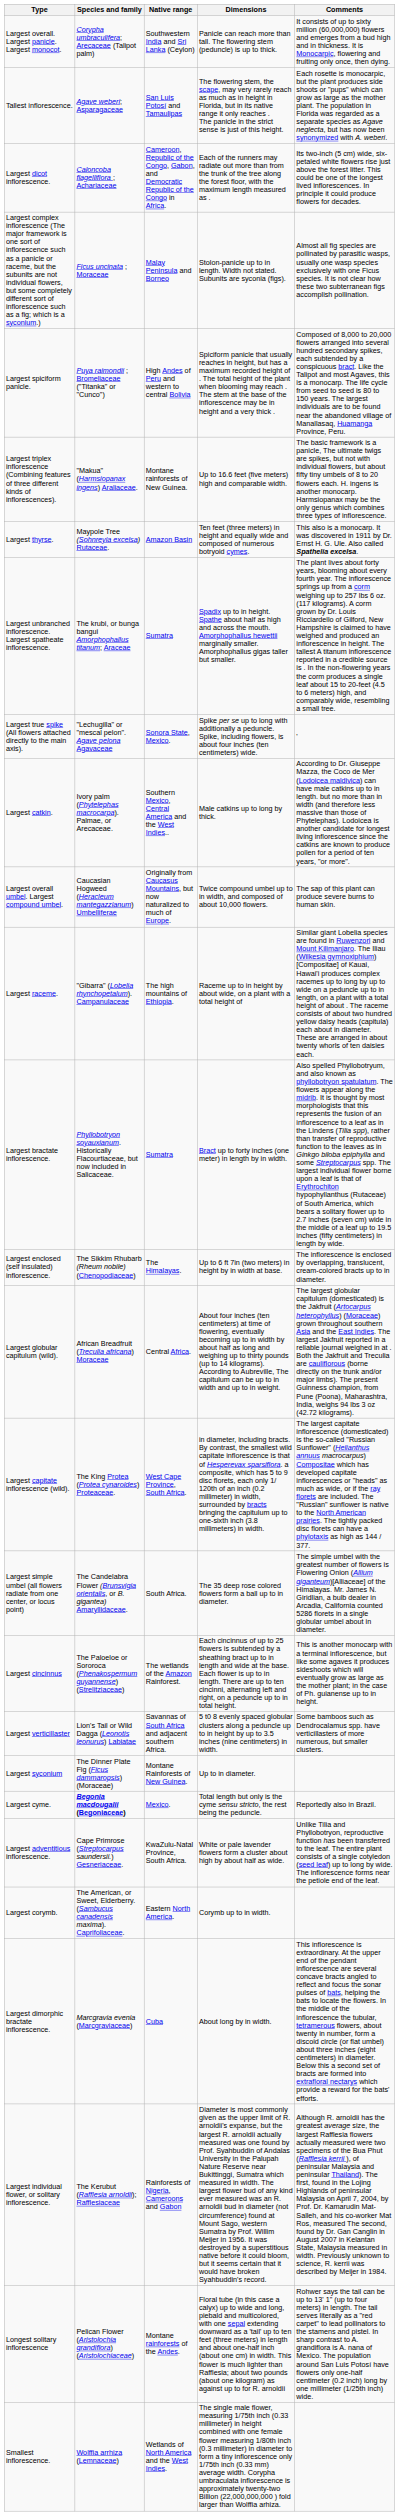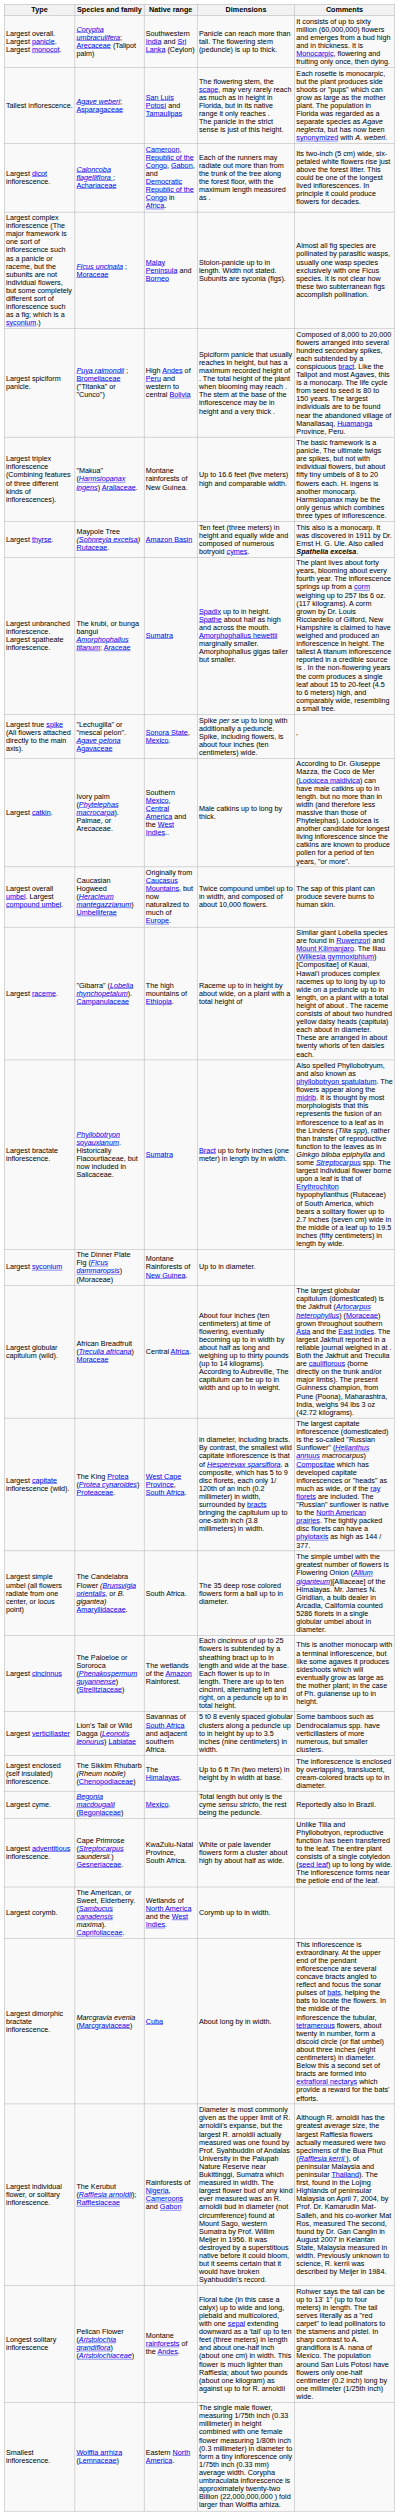 <table class= "sortable wikitable">
 <tr style= "background: ececec;">
 <th>Type</th>
 <th>Species and family</th>
 <th>Native range</th>
 <th>Dimensions</th>
 <th>Comments</th>
 </tr>
 <tr>
 <td>Largest overall. Largest <a href='#'>panicle</a>. Largest <a href='#'>monocot</a>.</td>
 <td><em><a href='#'>Corypha umbraculifera</a></em>; <a href='#'>Arecaceae</a> (Talipot palm)</td>
 <td>Southwestern <a href='#'>India</a> and <a href='#'>Sri Lanka</a> (Ceylon)</td>
 <td>Panicle can reach more than  tall. The flowering stem (peduncle) is up to  thick.</td>
 <td>It consists of up to sixty million (60,000,000) flowers and emerges from a bud  high and  in thickness. It is <a href='#'>Monocarpic</a>, flowering and fruiting only once, then dying.</td>
 </tr>
 <tr>
 <td>Tallest inflorescence.</td>
 <td><em><a href='#'>Agave weberi</a></em>; <a href='#'>Asparagaceae</a></td>
 <td><a href='#'>San Luis Potosí</a> and <a href='#'>Tamaulipas</a></td>
 <td>The flowering stem, the <a href='#'>scape</a>, may very rarely reach as much as  in height in Florida, but in its native range it only reaches .<br>The panicle in the strict sense is just  of this height.</td>
 <td>Each rosette is monocarpic, but the plant produces side shoots or "pups" which can grow as large as the mother plant. The population in Florida was regarded as a separate species as <em>Agave neglecta</em>, but has now been <a href='#'>synonymized</a> with <em>A. weberi</em>.</td>
 </tr>
 <tr>
 <td>Largest <a href='#'>dicot</a> inflorescence.</td>
 <td><em><a href='#'>Caloncoba flagelliflora </a></em>; <a href='#'>Achariaceae</a></td>
 <td><a href='#'>Cameroon</a>, <a href='#'>Republic of the Congo</a>, <a href='#'>Gabon</a>, and <a href='#'>Democratic Republic of the Congo</a> in <a href='#'>Africa</a>.</td>
 <td>Each of the runners may radiate out more than  from the trunk of the tree along the forest floor, with the maximum length measured as .</td>
 <td>Its two-inch (5 cm) wide, six-petaled white flowers rise just above the forest litter. This could be one of the longest lived inflorescences. In principle it could produce flowers for decades.</td>
 </tr>
 <tr>
 <td>Largest complex inflorescence (The major framework is one sort of inflorescence such as a panicle or raceme, but the subunits are not individual flowers, but some completely different sort of inflorescence such as a fig; which is a <a href='#'>syconium</a>.)</td>
 <td><em><a href='#'>Ficus uncinata</a></em> ; <a href='#'>Moraceae</a></td>
 <td><a href='#'>Malay Peninsula</a> and <a href='#'>Borneo</a></td>
 <td>Stolon-panicle up to  in length. Width not stated. Subunits are syconia (figs).</td>
 <td>Almost all fig species are pollinated by parasitic wasps, usually one wasp species exclusively with one Ficus species. It is not clear how these two subterranean figs accomplish pollination.</td>
 </tr>
 <tr>
 <td>Largest spiciform panicle.</td>
 <td><em><a href='#'>Puya raimondii</a></em> ; <a href='#'>Bromeliaceae</a> ("Titanka" or "Cunco")</td>
 <td>High <a href='#'>Andes</a> of <a href='#'>Peru</a> and western to central <a href='#'>Bolivia</a></td>
 <td>Spiciform panicle that usually reaches  in height, but has a maximum recorded height of . The total height of the plant when blooming may reach . The stem at the base of the inflorescence may be  in height and a very thick .</td>
 <td>Composed of 8,000 to 20,000 flowers arranged into several hundred secondary spikes, each subtended by a conspicuous <a href='#'>bract</a>. Like the Talipot and most Agaves, this is a monocarp. The life cycle from seed to seed is 80 to 150 years. The largest individuals are to be found near the abandoned village of Manallasaq, <a href='#'>Huamanga</a> Province, Peru.</td>
 </tr>
 <tr>
 <td>Largest triplex inflorescence (Combining features of three different kinds of inflorescences).</td>
 <td>"Makua" (<em><a href='#'>Harmsiopanax ingens</a></em>) <a href='#'>Araliaceae</a>.</td>
 <td>Montane rainforests of New Guinea.</td>
 <td>Up to 16.6 feet (five meters) high and comparable width.</td>
 <td>The basic framework is a panicle, The ultimate twigs are spikes, but not with individual flowers, but about fifty tiny umbels of 8 to 20 flowers each. H. ingens is another monocarp. Harmsiopanax may be the only genus which combines three types of inflorescence.</td>
 </tr>
 <tr>
 <td>Largest <a href='#'>thyrse</a>.</td>
 <td>Maypole Tree <em>(<a href='#'>Sohnreyia excelsa</a>)</em> <a href='#'>Rutaceae</a>.</td>
 <td><a href='#'>Amazon Basin</a></td>
 <td>Ten feet (three meters) in height and equally wide and composed of numerous botryoid <a href='#'>cymes</a>.</td>
 <td>This also is a monocarp. It was discovered in 1911 by Dr. Ernst H. G. Ule. Also called <strong><em>Spathelia excelsa</em></strong>.</td>
 </tr>
 <tr>
 <td>Largest unbranched inflorescence. Largest spatheate inflorescence.</td>
 <td>The krubi, or bunga bangui <em><a href='#'>Amorphophallus titanum</a></em>; <a href='#'>Araceae</a></td>
 <td><a href='#'>Sumatra</a></td>
 <td><a href='#'>Spadix</a> up to  in height. <a href='#'>Spathe</a> about half as high and  across the mouth. <a href='#'>Amorphophallus hewettii</a> marginally smaller. Amorphophallus gigas taller but smaller.</td>
 <td>The plant lives about forty years, blooming about every fourth year. The inflorescence springs up from a <a href='#'>corm</a> weighing up to 257 lbs 6 oz. (117 kilograms). A corm grown by Dr. Louis Ricciardello of Gilford, New Hampshire is claimed to have weighed  and produced an inflorescence  in height. The tallest A titanum inflorescence reported in a credible source is . In the non-flowering years the corm produces a single leaf about 15 to 20-feet (4.5 to 6 meters) high, and comparably wide, resembling a small tree.</td>
 </tr>
 <tr>
 <td>Largest true <a href='#'>spike</a> (All flowers attached directly to the main axis).</td>
 <td>"Lechugilla" or "mescal pelon". <em><a href='#'>Agave pelona</a></em> <a href='#'>Agavaceae</a></td>
 <td><a href='#'>Sonora State</a>, <a href='#'>Mexico</a>.</td>
 <td>Spike <em>per se</em> up to  long with additionally a  peduncle. Spike, including flowers, is about four inches (ten centimeters) wide.</td>
 <td>'</td>
 </tr>
 <tr>
 <td>Largest <a href='#'>catkin</a>.</td>
 <td>Ivory palm (<em><a href='#'>Phytelephas macrocarpa</a></em>). Palmae, or Arecaceae.</td>
 <td>Southern <a href='#'>Mexico</a>, <a href='#'>Central America</a> and the <a href='#'>West Indies</a>..</td>
 <td>Male catkins up to  long by  thick.</td>
 <td>According to Dr. Giuseppe Mazza, the Coco de Mer (<a href='#'>Lodoicea maldivica</a>) can have male catkins up to  in length. but no more than  in width (and therefore less massive than those of Phytelephas). Lodoicea is another candidate for longest living inflorescence since the catkins are known to produce pollen for a period of ten years, "or more".</td>
 </tr>
 <tr>
 <td>Largest overall <a href='#'>umbel</a>. Largest <a href='#'>compound umbel</a>.</td>
 <td>Caucasian Hogweed (<em><a href='#'>Heracleum mantegazzianum</a></em>) <a href='#'>Umbelliferae</a></td>
 <td>Originally from <a href='#'>Caucasus Mountains</a>, but now naturalized to much of <a href='#'>Europe</a>.</td>
 <td>Twice compound umbel up to  in width, and composed of about 10,000 flowers.</td>
 <td>The sap of this plant can produce severe burns to human skin.</td>
 </tr>
 <tr>
 <td>Largest <a href='#'>raceme</a>.</td>
 <td>"Gibarra" (<em><a href='#'>Lobelia rhynchopetalum</a></em>). <a href='#'>Campanulaceae</a></td>
 <td>The high mountains of <a href='#'>Ethiopia</a>.</td>
 <td>Raceme up to  in height by about  wide, on a plant with a total height of </td>
 <td>Similar giant Lobelia species are found in <a href='#'>Ruwenzori</a> and <a href='#'>Mount Kilimanjaro</a>. The Iliau (<a href='#'>Wilkesia gymnoxiphium</a>) [Compositae] of Kauai, Hawai'i produces complex racemes up to  long by up to  wide on a peduncle up to  in length, on a plant with a total height of about . The raceme consists of about two hundred yellow daisy heads (capitula) each about  in diameter. These are arranged in about twenty whorls of ten daisies each.</td>
 </tr>
 <tr>
 <td>Largest bractate inflorescence.</td>
 <td><em><a href='#'>Phyllobotryon soyauxianum</a></em>. Historically Flacourtiaceae, but now included in Salicaceae.</td>
 <td><a href='#'>Sumatra</a></td>
 <td><a href='#'>Bract</a> up to forty inches (one meter) in length by  in width.</td>
 <td>Also spelled Phyllobotryum, and also known as <a href='#'>phyllobotryon spatulatum</a>. The flowers appear along the <a href='#'>midrib</a>. It is thought by most morphologists that this represents the fusion of an inflorescence to a leaf as in the Lindens (<em>Tilia spp</em>), rather than transfer of reproductive function to the leaves as in <em>Ginkgo biloba epiphylla</em> and some <em><a href='#'>Streptocarpus</a></em> spp. The largest individual flower borne upon a leaf is that of <a href='#'>Erythrochiton</a> hypophyllanthus (Rutaceae) of South America, which bears a solitary flower up to 2.7 inches (seven cm) wide in the middle of a leaf up to 19.5 inches (fifty centimeters) in length by  wide.</td>
 </tr>
 <tr>
-<td>Largest enclosed (self insulated) inflorescence.</td>
-<td>The Sikkim Rhubarb <em>(Rheum nobile)</em> (<a href='#'>Chenopodiaceae</a>)</td>
-<td>The <a href='#'>Himalayas</a>.</td>
-<td>Up to 6 ft 7in (two meters) in height by  in width at base.</td>
-<td>The inflorescence is enclosed by overlapping, translucent, cream-colored bracts up to  in diameter.</td>
+<td>Largest <a href='#'>syconium</a></td>
+<td>The Dinner Plate Fig (<em><a href='#'>Ficus dammaropsis</a></em>) (Moraceae)</td>
+<td>Montane Rainforests of <a href='#'>New Guinea</a>.</td>
+<td>Up to  in diameter.</td>
+<td></td>
 </tr>
 <tr>
 <td>Largest globular capitulum (wild).</td>
 <td>African Breadfruit (<em><a href='#'>Treculia africana</a></em>) <a href='#'>Moraceae</a></td>
 <td>Central <a href='#'>Africa</a>.</td>
 <td>About four inches (ten centimeters) at time of flowering, eventually becoming up to  in width by about half as long and weighing up to thirty pounds (up to 14 kilograms). According to Aubreville, The capitulum can be up to  in width and up to  in weight.</td>
 <td>The largest globular capitulum (domesticated) is the Jakfruit (<em><a href='#'>Artocarpus heterophyllus</a></em>) (<a href='#'>Moraceae</a>) grown throughout southern <a href='#'>Asia</a> and the <a href='#'>East Indies</a>. The largest Jakfruit reported in a reliable journal weighed in at . Both the Jakfruit and Treculia are <a href='#'>cauliflorous</a> (borne directly on the trunk and/or major limbs). The present Guinness champion, from Pune (Poona), Maharashtra, India, weighs 94 lbs 3 oz (42.72 kilograms).</td>
 </tr>
 <tr>
 <td>Largest <a href='#'>capitate</a> inflorescence (wild).</td>
 <td>The King <a href='#'>Protea</a> (<em><a href='#'>Protea cynaroides</a></em>) <a href='#'>Proteaceae</a>.</td>
 <td><a href='#'>West Cape Province</a>, <a href='#'>South Africa</a>.</td>
 <td> in diameter, including bracts. By contrast, the smallest wild capitate inflorescence is that of <em><a href='#'>Hesperevax sparsiflora</a></em>. a composite, which has 5 to 9 disc florets, each only 1/ 120th of an inch (0.2 millimeter) in width, surrounded by <a href='#'>bracts</a> bringing the capitulum up to one-sixth inch (3.8 millimeters) in width.</td>
 <td>The largest capitate inflorescence (domesticated) is the so-called "Russian Sunflower" (<em><a href='#'>Helianthus annuus</a> macrocarpus</em>) <a href='#'>Compositae</a> which has developed capitate inflorescences or "heads" as much as  wide, or  if the <a href='#'>ray florets</a> are included. The "Russian" sunflower is native to the <a href='#'>North American</a> <a href='#'>prairies</a>. The tightly packed disc florets can have a <a href='#'>phylotaxis</a> as high as 144 / 377.</td>
 </tr>
 <tr>
 <td>Largest simple umbel (all flowers radiate from one center, or locus point)</td>
 <td>The Candelabra Flower <em>(<a href='#'>Brunsvigia orientalis</a></em>, or <em>B. gigantea)</em> <a href='#'>Amaryllidaceae</a>.</td>
 <td>South Africa.</td>
 <td>The 35 deep rose colored flowers form a ball up to  in diameter.</td>
 <td>The simple umbel with the greatest number of flowers is Flowering Onion (<em><a href='#'>Allium giganteum</a></em>)[Alliaceae] of the Himalayas. Mr. James N. Giridlian, a bulb dealer in Arcadia, California counted 5286 florets in a single globular umbel about  in diameter.</td>
 </tr>
 <tr>
 <td>Largest <a href='#'>cincinnus</a></td>
 <td>The Paloeloe or Sororoca (<em><a href='#'>Phenakospermum guyannense</a></em>) (<a href='#'>Strelitziaceae</a>)</td>
 <td>The wetlands of the <a href='#'>Amazon</a> Rainforest.</td>
 <td>Each cincinnus of up to 25 flowers is subtended by a sheathing bract up to  in length and  wide at the base. Each flower is up to  in length. There are up to ten cincinni, alternating left and right, on a peduncle up to  in total height.</td>
 <td>This is another monocarp with a terminal inflorescence, but like some agaves it produces sideshoots which will eventually grow as large as the mother plant; in the case of Ph. guianense up to  in height.</td>
 </tr>
 <tr>
 <td>Largest <a href='#'>verticillaster</a></td>
 <td>Lion's Tail or Wild Dagga (<em><a href='#'>Leonotis leonurus</a></em>) <a href='#'>Labiatae</a></td>
 <td>Savannas of <a href='#'>South Africa</a> and adjacent southern Africa.</td>
 <td>5 t0 8 evenly spaced globular clusters along a peduncle up to  in height by up to 3.5 inches (nine centimeters) in width.</td>
 <td>Some bamboos such as Dendrocalamus spp. have verticillasters of more numerous, but smaller clusters.</td>
 </tr>
 <tr>
-<td>Largest <a href='#'>syconium</a></td>
-<td>The Dinner Plate Fig (<em><a href='#'>Ficus dammaropsis</a></em>) (Moraceae)</td>
-<td>Montane Rainforests of <a href='#'>New Guinea</a>.</td>
-<td>Up to  in diameter.</td>
-<td></td>
+<td>Largest enclosed (self insulated) inflorescence.</td>
+<td>The Sikkim Rhubarb <em>(Rheum nobile)</em> (<a href='#'>Chenopodiaceae</a>)</td>
+<td>The <a href='#'>Himalayas</a>.</td>
+<td>Up to 6 ft 7in (two meters) in height by  in width at base.</td>
+<td>The inflorescence is enclosed by overlapping, translucent, cream-colored bracts up to  in diameter.</td>
 </tr>
 <tr>
 <td>Largest cyme.</td>
-<td><strong><em><a href='#'>Begonia macdougalii</a></em> (<a href='#'>Begoniaceae</a>)</strong></td>
+<td><em><a href='#'>Begonia macdougalii</a></em> (<a href='#'>Begoniaceae</a>)</td>
 <td><a href='#'>Mexico</a>.</td>
 <td>Total length  but only  is the cyme <em>sensu stricto</em>, the rest being the peduncle.</td>
 <td>Reportedly also in Brazil.</td>
 </tr>
 <tr>
 <td>Largest <a href='#'>adventitious</a> inflorescence.</td>
 <td>Cape Primrose (<em><a href='#'>Streptocarpus</a> saundersii.</em>) <a href='#'>Gesneriaceae</a>.</td>
 <td>KwaZulu-Natal Province, South Africa.</td>
 <td>White or pale lavender flowers form a cluster about  high by about half as wide.</td>
 <td>Unlike Tilia and Phyllobotryon, reproductive function <em>has</em> been transferred to the leaf. The entire plant consists of a single cotyledon (<a href='#'>seed leaf</a>) up to  long by  wide. The inflorescence forms near the petiole end of the leaf.</td>
 </tr>
 <tr>
 <td>Largest corymb.</td>
 <td>The American, or Sweet, Elderberry. (<em><a href='#'>Sambucus canadensis</a> maxima</em>). <a href='#'>Caprifoliaceae</a>.</td>
-<td>Eastern <a href='#'>North America</a>.</td>
+<td>Wetlands of <a href='#'>North America</a> and the <a href='#'>West Indies</a>.</td>
 <td>Corymb up to  in width.</td>
 </tr>
 <tr>
 <td>Largest dimorphic bractate inflorescence.</td>
 <td><em>Marcgravia evenia</em> (<a href='#'>Marcgraviaceae</a>)</td>
 <td><a href='#'>Cuba</a></td>
 <td>About  long by  in width.</td>
 <td>This inflorescence is extraordinary. At the upper end of the pendant inflorescence are several concave bracts angled to reflect and focus the sonar pulses of <a href='#'>bats</a>, helping the bats to locate the flowers. In the middle of the inflorescence the tubular, <a href='#'>tetramerous</a> flowers, about twenty in number, form a discoid circle (or flat umbel) about three inches (eight centimeters) in diameter. Below this a second set of bracts are formed into <a href='#'>extrafloral nectarys</a> which provide a reward for the bats' efforts.</td>
 </tr>
 <tr>
 <td>Largest individual flower, or solitary inflorescence.</td>
 <td>The Kerubut (<em><a href='#'>Rafflesia arnoldii</a></em>); <a href='#'>Rafflesiaceae</a></td>
 <td>Rainforests of <a href='#'>Nigeria</a>, <a href='#'>Cameroons</a> and <a href='#'>Gabon</a></td>
 <td>Diameter  is most commonly given as the upper limit of R. arnoldii's expanse, but the largest R. arnoldii actually measured was one found by Prof. Syahbuddin of Andalas University in the Palupah Nature Reserve near Bukittinggi, Sumatra which measured  in width. The largest flower bud of any kind ever measured was an R. arnoldii bud  in diameter (not circumference) found at Mount Sago, western Sumatra by Prof. Willim Meijer in 1956. It was destroyed by a superstitious native before it could bloom, but it seems certain that it would have broken Syahbuddin's record.</td>
 <td>Although R. arnoldii has the greatest <em>average</em> size, the largest Rafflesia flowers actually measured were two specimens of the Bua Phut (<em><a href='#'>Rafflesia kerrii </a></em>), of peninsular Malaysia and peninsular <a href='#'>Thailand</a>). The first, found in the Lojing Highlands of peninsular Malaysia on April 7, 2004, by Prof. Dr. Kamarudin Mat-Salleh, and his co-worker Mat Ros, measured  The second, found by Dr. Gan Canglin in August 2007 in Kelantan State, Malaysia measured  in width. Previously unknown to science, R. kerrii was described by Meijer in 1984.</td>
 </tr>
 <tr>
 <td>Longest solitary inflorescence</td>
 <td>Pelican Flower (<em><a href='#'>Aristolochia grandiflora</a></em>) (<em><a href='#'>Aristolochiaceae</a></em>)</td>
 <td>Montane <a href='#'>rainforests</a> of the <a href='#'>Andes</a>.</td>
 <td>Floral tube (in this case a calyx) up to  wide and  long, piebald and multicolored, with one <a href='#'>sepal</a> extending downward as a 'tail' up to ten feet (three meters) in length and about one-half inch (about one cm) in width. This flower is much lighter than Rafflesia; about two pounds (about one kilogram) as against up to  for R. arnoldii</td>
 <td>Rohwer says the tail can be up to 13' 1" (up to four meters) in length. The tail serves literally as a "red carpet" to lead pollinators to the stamens and pistel. In sharp contrast to A. grandiflora is A. nana of Mexico. The population around San Luis Potosí have flowers only one-half centimeter (0.2 inch) long by one millimeter (1/25th inch) wide.</td>
 </tr>
 <tr>
 <td>Smallest inflorescence.</td>
 <td><a href='#'>Wolffia arrhiza</a> (<a href='#'>Lemnaceae</a>)</td>
-<td>Wetlands of <a href='#'>North America</a> and the <a href='#'>West Indies</a>.</td>
+<td>Eastern <a href='#'>North America</a>.</td>
 <td>The single male flower, measuring 1/75th inch (0.33 millimeter) in height combined with one female flower measuring 1/80th inch (0.3 millimeter) in diameter to form a tiny inflorescence only 1/75th inch (0.33 mm) average width. Corypha umbraculata  inflorescence is approximately twenty-two Billion  (22,000,000,000 ) fold larger than Wolffia arhiza.</td>
 <td></td>
 </tr>
 </table>
